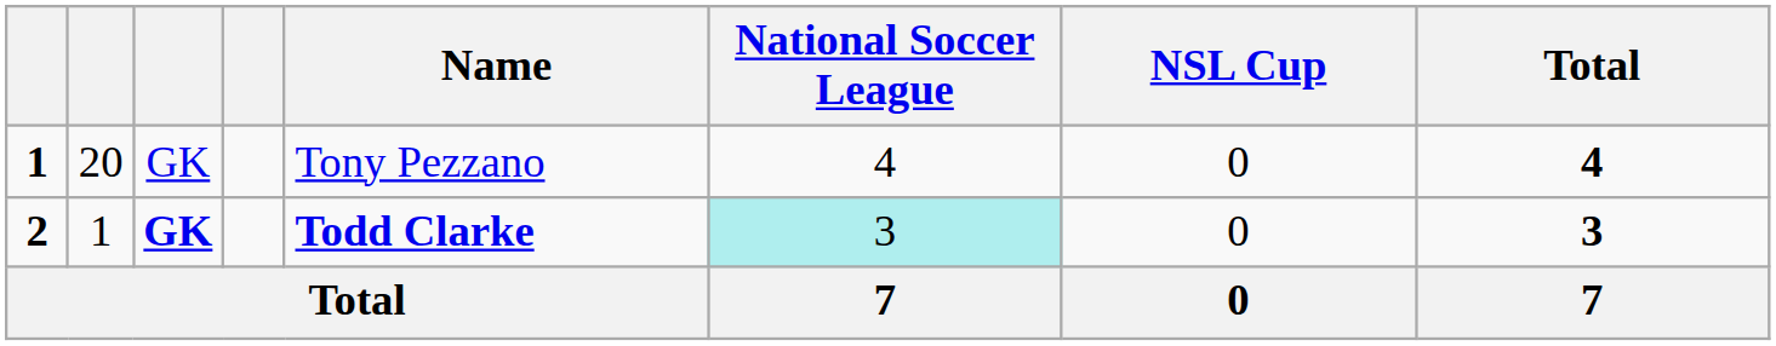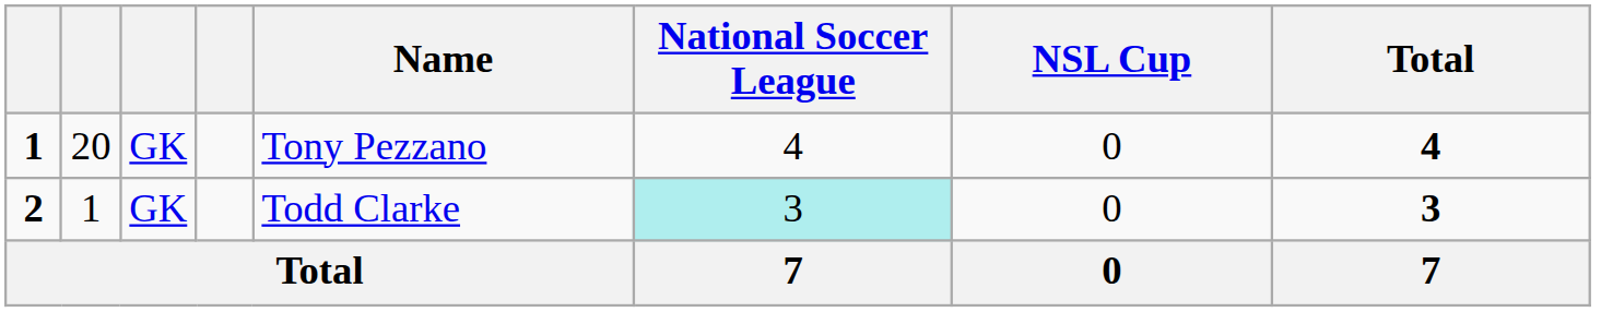 <table class="wikitable" style="text-align:center">
 <tr>
 <th width=15></th>
 <th width=15></th>
 <th width=15></th>
 <th width=15></th>
 <th width=145>Name</th>
 <th width=120><a href='#'>National Soccer League</a></th>
 <th width=120><a href='#'>NSL Cup</a></th>
 <th width=120>Total</th>
 </tr>
 <tr>
 <td><strong>1</strong></td>
 <td>20</td>
 <td><a href='#'>GK</a></td>
 <td></td>
 <td align=left><a href='#'>Tony Pezzano</a></td>
 <td>4</td>
 <td>0</td>
 <td><strong>4</strong></td>
 </tr>
 <tr>
 <td><strong>2</strong></td>
 <td>1</td>
-<td><strong><a href='#'>GK</a></strong></td>
+<td><a href='#'>GK</a></td>
 <td></td>
-<td align=left><strong><a href='#'>Todd Clarke</a></strong></td>
+<td align=left><a href='#'>Todd Clarke</a></td>
 <td style="background: paleturquoise;">3</td>
 <td>0</td>
 <td><strong>3</strong></td>
 </tr>
 <tr>
 <th colspan="5"><strong>Total</strong></th>
 <th>7</th>
 <th>0</th>
 <th>7</th>
 </tr>
 </table>
